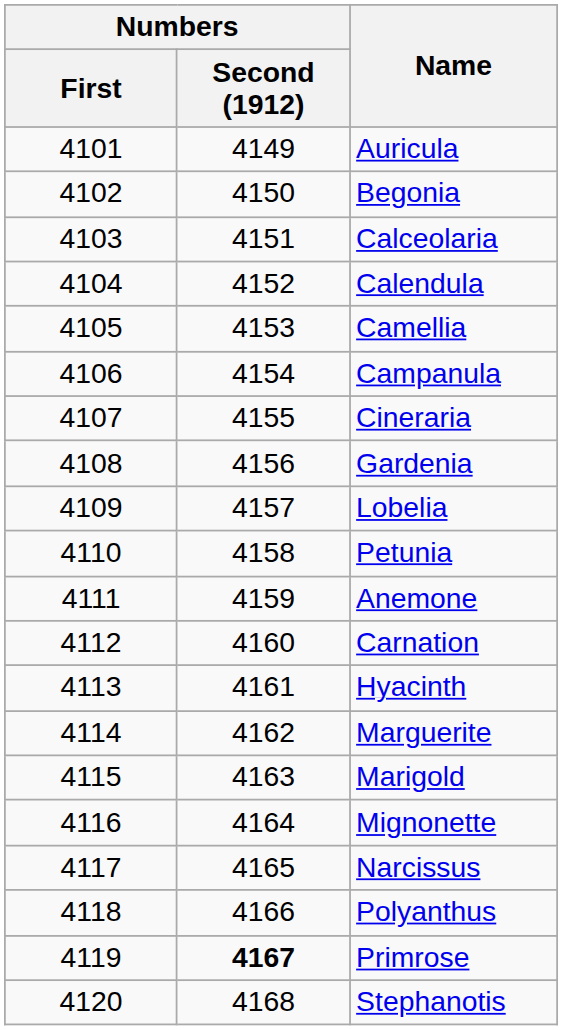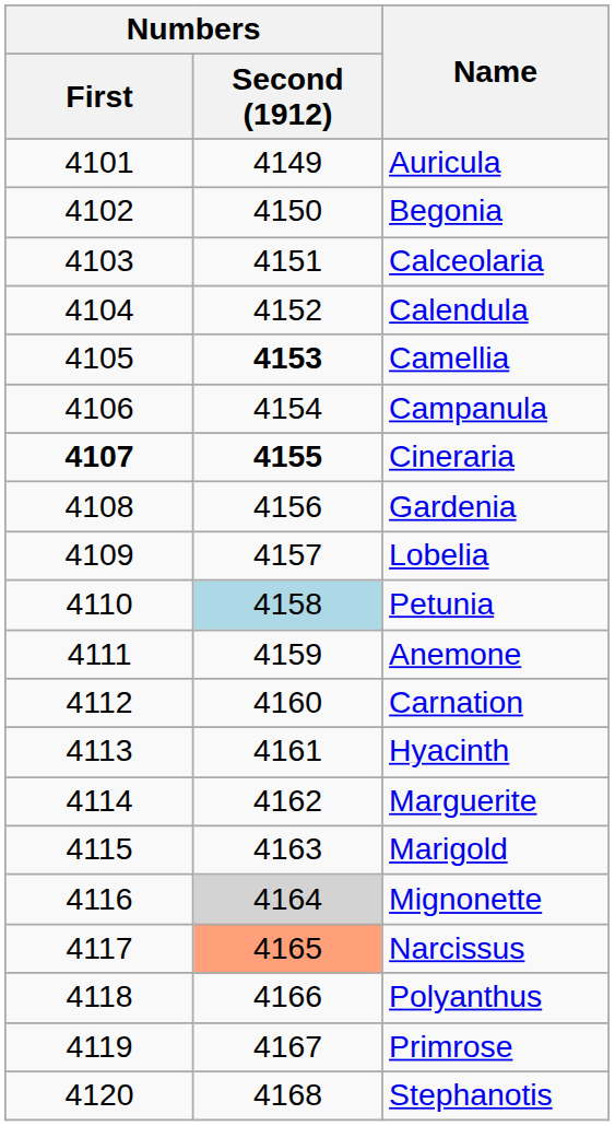 <table class=wikitable>
 <tr>
 <th colspan=2 align=center>Numbers</th>
 <th rowspan=2 width="110">Name</th>
 </tr>
 <tr>
 <th width="90" align=center>First</th>
 <th width="90" align=center>Second (1912)</th>
 </tr>
 <tr>
 <td align=center>4101</td>
 <td align=center>4149</td>
 <td><a href='#'>Auricula</a></td>
 </tr>
 <tr>
 <td align=center>4102</td>
 <td align=center>4150</td>
 <td><a href='#'>Begonia</a></td>
 </tr>
 <tr>
 <td align=center>4103</td>
 <td align=center>4151</td>
 <td><a href='#'>Calceolaria</a></td>
 </tr>
 <tr>
 <td align=center>4104</td>
 <td align=center>4152</td>
 <td><a href='#'>Calendula</a></td>
 </tr>
 <tr>
 <td align=center>4105</td>
-<td align=center>4153</td>
+<td align=center><strong>4153</strong></td>
 <td><a href='#'>Camellia</a></td>
 </tr>
 <tr>
 <td align=center>4106</td>
 <td align=center>4154</td>
 <td><a href='#'>Campanula</a></td>
 </tr>
 <tr>
-<td align=center>4107</td>
-<td align=center>4155</td>
+<td align=center><strong>4107</strong></td>
+<td align=center><strong>4155</strong></td>
 <td><a href='#'>Cineraria</a></td>
 </tr>
 <tr>
 <td align=center>4108</td>
 <td align=center>4156</td>
 <td><a href='#'>Gardenia</a></td>
 </tr>
 <tr>
 <td align=center>4109</td>
 <td align=center>4157</td>
 <td><a href='#'>Lobelia</a></td>
 </tr>
 <tr>
 <td align=center>4110</td>
-<td align=center>4158</td>
+<td align=center style="background: lightblue;">4158</td>
 <td><a href='#'>Petunia</a></td>
 </tr>
 <tr>
 <td align=center>4111</td>
 <td align=center>4159</td>
 <td><a href='#'>Anemone</a></td>
 </tr>
 <tr>
 <td align=center>4112</td>
 <td align=center>4160</td>
 <td><a href='#'>Carnation</a></td>
 </tr>
 <tr>
 <td align=center>4113</td>
 <td align=center>4161</td>
 <td><a href='#'>Hyacinth</a></td>
 </tr>
 <tr>
 <td align=center>4114</td>
 <td align=center>4162</td>
 <td><a href='#'>Marguerite</a></td>
 </tr>
 <tr>
 <td align=center>4115</td>
 <td align=center>4163</td>
 <td><a href='#'>Marigold</a></td>
 </tr>
 <tr>
 <td align=center>4116</td>
-<td align=center>4164</td>
+<td align=center style="background: lightgrey;">4164</td>
 <td><a href='#'>Mignonette</a></td>
 </tr>
 <tr>
 <td align=center>4117</td>
-<td align=center>4165</td>
+<td align=center style="background: lightsalmon;">4165</td>
 <td><a href='#'>Narcissus</a></td>
 </tr>
 <tr>
 <td align=center>4118</td>
 <td align=center>4166</td>
 <td><a href='#'>Polyanthus</a></td>
 </tr>
 <tr>
 <td align=center>4119</td>
-<td align=center><strong>4167</strong></td>
+<td align=center>4167</td>
 <td><a href='#'>Primrose</a></td>
 </tr>
 <tr>
 <td align=center>4120</td>
 <td align=center>4168</td>
 <td><a href='#'>Stephanotis</a></td>
 </tr>
 </table>
